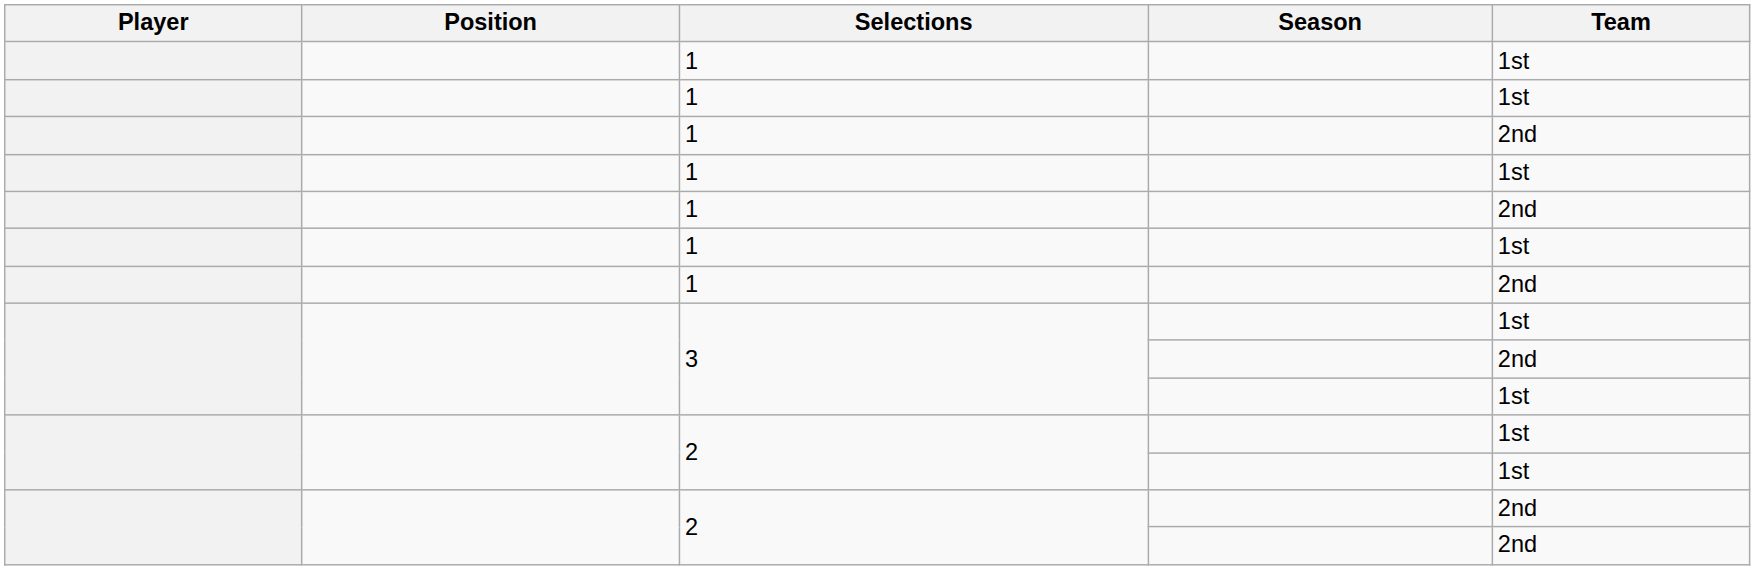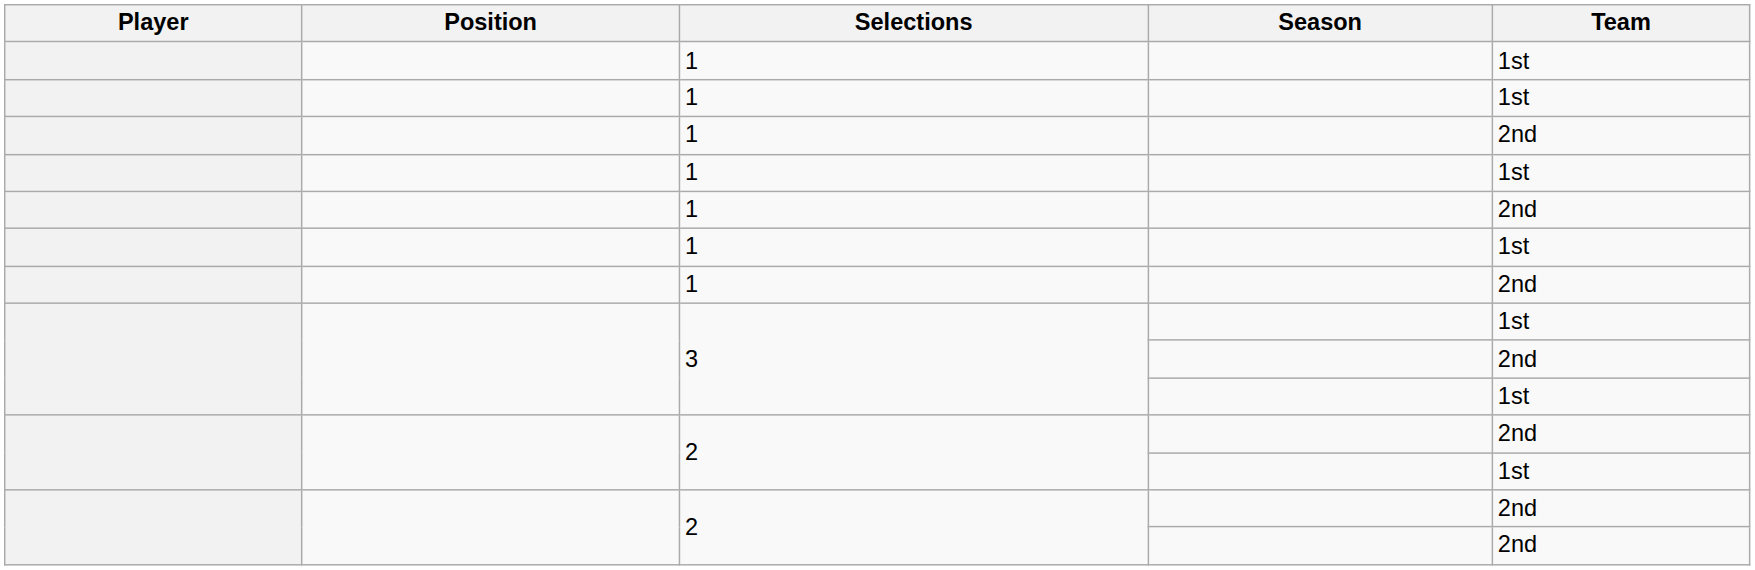 <table class="wikitable sortable" width="75%">
 <tr>
 <th scope="col">Player</th>
 <th scope="col">Position</th>
 <th scope="col">Selections</th>
 <th scope="col">Season</th>
 <th scope="col">Team</th>
 </tr>
 <tr>
 <th scope="row"></th>
 <td></td>
 <td>1</td>
 <td></td>
 <td>1st</td>
 </tr>
 <tr>
 <th scope="row"></th>
 <td></td>
 <td>1</td>
 <td></td>
 <td>1st</td>
 </tr>
 <tr>
 <th scope="row"></th>
 <td></td>
 <td>1</td>
 <td></td>
 <td>2nd</td>
 </tr>
 <tr>
 <th scope="row"></th>
 <td></td>
 <td>1</td>
 <td></td>
 <td>1st</td>
 </tr>
 <tr>
 <th scope="row"></th>
 <td></td>
 <td>1</td>
 <td></td>
 <td>2nd</td>
 </tr>
 <tr>
 <th scope="row"></th>
 <td></td>
 <td>1</td>
 <td></td>
 <td>1st</td>
 </tr>
 <tr>
 <th scope="row"></th>
 <td></td>
 <td>1</td>
 <td></td>
 <td>2nd</td>
 </tr>
 <tr>
 <th scope="row" rowspan="3"></th>
 <td rowspan="3"></td>
 <td rowspan="3">3</td>
 <td></td>
 <td>1st</td>
 </tr>
 <tr>
 <td></td>
 <td>2nd</td>
 </tr>
 <tr>
 <td></td>
 <td>1st</td>
 </tr>
 <tr>
 <th scope="row" rowspan="2"></th>
 <td rowspan="2"></td>
 <td rowspan="2">2</td>
 <td></td>
-<td>1st</td>
+<td>2nd</td>
 </tr>
 <tr>
 <td></td>
 <td>1st</td>
 </tr>
 <tr>
 <th scope="row" rowspan="2"></th>
 <td rowspan="2"></td>
 <td rowspan="2">2</td>
 <td></td>
 <td>2nd</td>
 </tr>
 <tr>
 <td></td>
 <td>2nd</td>
 </tr>
 </table>
